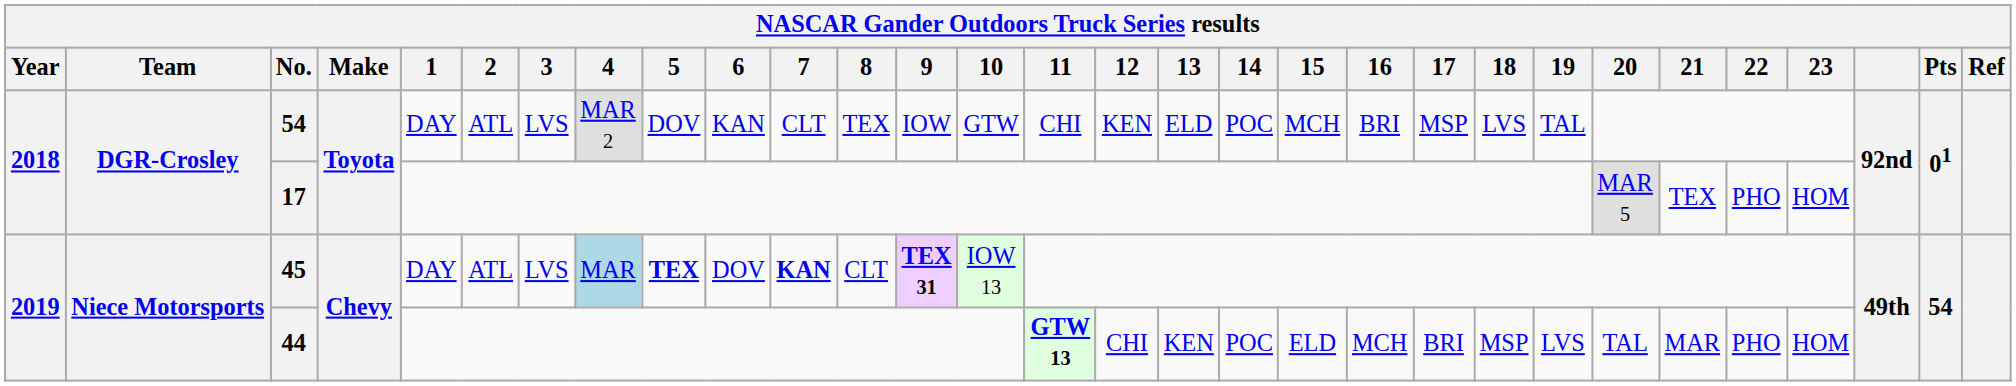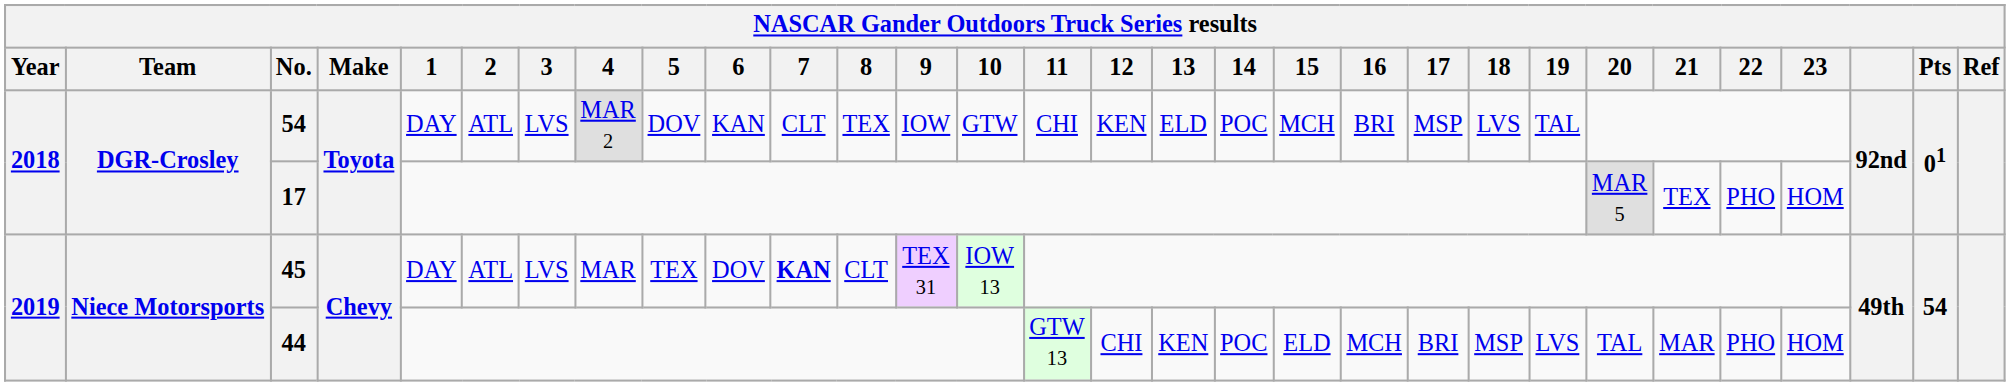 <table class="wikitable" style="text-align:center; font-size:75%">
 <tr>
 <th colspan=45><a href='#'>NASCAR Gander Outdoors Truck Series</a> results</th>
 </tr>
 <tr>
 <th>Year</th>
 <th>Team</th>
 <th>No.</th>
 <th>Make</th>
 <th>1</th>
 <th>2</th>
 <th>3</th>
 <th>4</th>
 <th>5</th>
 <th>6</th>
 <th>7</th>
 <th>8</th>
 <th>9</th>
 <th>10</th>
 <th>11</th>
 <th>12</th>
 <th>13</th>
 <th>14</th>
 <th>15</th>
 <th>16</th>
 <th>17</th>
 <th>18</th>
 <th>19</th>
 <th>20</th>
 <th>21</th>
 <th>22</th>
 <th>23</th>
 <th></th>
 <th>Pts</th>
 <th>Ref</th>
 </tr>
 <tr>
 <th rowspan=2><a href='#'>2018</a></th>
 <th rowspan=2><a href='#'>DGR-Crosley</a></th>
 <th>54</th>
 <th rowspan=2><a href='#'>Toyota</a></th>
 <td><a href='#'>DAY</a></td>
 <td><a href='#'>ATL</a></td>
 <td><a href='#'>LVS</a></td>
 <td style="background:#DFDFDF;"><a href='#'>MAR</a><br><small>2</small></td>
 <td><a href='#'>DOV</a></td>
 <td><a href='#'>KAN</a></td>
 <td><a href='#'>CLT</a></td>
 <td><a href='#'>TEX</a></td>
 <td><a href='#'>IOW</a></td>
 <td><a href='#'>GTW</a></td>
 <td><a href='#'>CHI</a></td>
 <td><a href='#'>KEN</a></td>
 <td><a href='#'>ELD</a></td>
 <td><a href='#'>POC</a></td>
 <td><a href='#'>MCH</a></td>
 <td><a href='#'>BRI</a></td>
 <td><a href='#'>MSP</a></td>
 <td><a href='#'>LVS</a></td>
 <td><a href='#'>TAL</a></td>
 <td colspan=4></td>
 <th rowspan=2>92nd</th>
 <th rowspan=2>0<sup>1</sup></th>
 <th rowspan=2></th>
 </tr>
 <tr>
 <th>17</th>
 <td colspan=19></td>
 <td style="background:#DFDFDF;"><a href='#'>MAR</a><br><small>5</small></td>
 <td><a href='#'>TEX</a></td>
 <td><a href='#'>PHO</a></td>
 <td><a href='#'>HOM</a></td>
 </tr>
 <tr>
 <th rowspan=2><a href='#'>2019</a></th>
 <th rowspan=2><a href='#'>Niece Motorsports</a></th>
 <th>45</th>
 <th rowspan=2><a href='#'>Chevy</a></th>
 <td><a href='#'>DAY</a></td>
 <td><a href='#'>ATL</a></td>
 <td><a href='#'>LVS</a></td>
-<td style="background: lightblue;"><a href='#'>MAR</a></td>
-<td><strong><a href='#'>TEX</a></strong></td>
+<td><a href='#'>MAR</a></td>
+<td><a href='#'>TEX</a></td>
 <td><a href='#'>DOV</a></td>
 <td><strong><a href='#'>KAN</a></strong></td>
 <td><a href='#'>CLT</a></td>
-<td style="background:#EFCFFF;"><strong><a href='#'>TEX</a><br><small>31</small></strong></td>
+<td style="background:#EFCFFF;"><a href='#'>TEX</a><br><small>31</small></td>
 <td style="background:#DFFFDF;"><a href='#'>IOW</a><br><small>13</small></td>
 <td colspan=13></td>
 <th rowspan=2>49th</th>
 <th rowspan=2>54</th>
 <th rowspan=2></th>
 </tr>
 <tr>
 <th>44</th>
 <td colspan=10></td>
-<td style="background:#DFFFDF;"><strong><a href='#'>GTW</a><br><small>13</small></strong></td>
+<td style="background:#DFFFDF;"><a href='#'>GTW</a><br><small>13</small></td>
 <td><a href='#'>CHI</a></td>
 <td><a href='#'>KEN</a></td>
 <td><a href='#'>POC</a></td>
 <td><a href='#'>ELD</a></td>
 <td><a href='#'>MCH</a></td>
 <td><a href='#'>BRI</a></td>
 <td><a href='#'>MSP</a></td>
 <td><a href='#'>LVS</a></td>
 <td><a href='#'>TAL</a></td>
 <td><a href='#'>MAR</a></td>
 <td><a href='#'>PHO</a></td>
 <td><a href='#'>HOM</a></td>
 </tr>
 </table>
